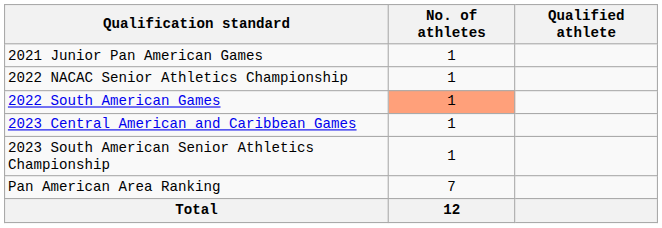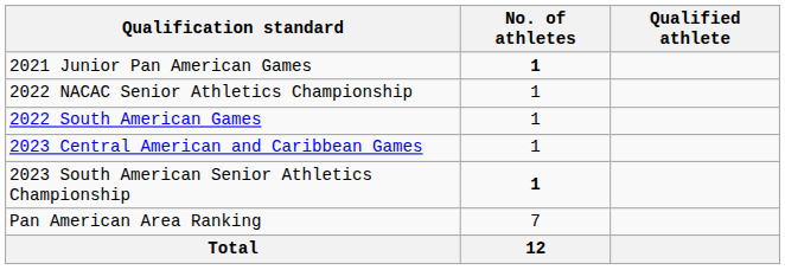 <table class="wikitable" style="text-align:left; width:600px;">
 <tr>
 <th>Qualification standard</th>
 <th>No. of athletes</th>
 <th>Qualified athlete</th>
 </tr>
 <tr>
 <td>2021 Junior Pan American Games</td>
-<td align=center>1</td>
+<td align=center><strong>1</strong></td>
 <td></td>
 </tr>
 <tr>
 <td>2022 NACAC Senior Athletics Championship</td>
 <td align=center>1</td>
 <td></td>
 </tr>
 <tr>
 <td><a href='#'>2022 South American Games</a></td>
-<td align=center style="background: lightsalmon;">1</td>
+<td align=center>1</td>
 <td></td>
 </tr>
 <tr>
 <td><a href='#'>2023 Central American and Caribbean Games</a></td>
 <td align=center>1</td>
 <td></td>
 </tr>
 <tr>
 <td>2023 South American Senior Athletics Championship</td>
-<td align=center>1</td>
+<td align=center><strong>1</strong></td>
 <td></td>
 </tr>
 <tr>
 <td>Pan American Area Ranking</td>
 <td align=center>7</td>
 <td></td>
 </tr>
 <tr>
 <th>Total</th>
 <th>12</th>
 <th colspan=2></th>
 </tr>
 </table>
